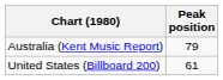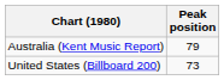 <table class="wikitable">
 <tr>
 <th scope="col">Chart (1980)</th>
 <th>Peak<br>position</th>
 </tr>
 <tr>
 <td>Australia (<a href='#'>Kent Music Report</a>)</td>
 <td style="text-align:center;">79</td>
 </tr>
 <tr>
 <td>United States (<a href='#'>Billboard 200</a>)</td>
-<td style="text-align:center;">61</td>
+<td style="text-align:center;">73</td>
 </tr>
 </table>
